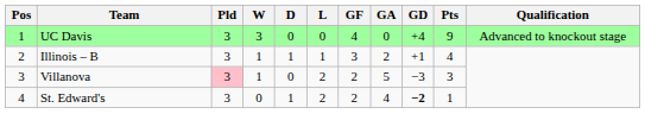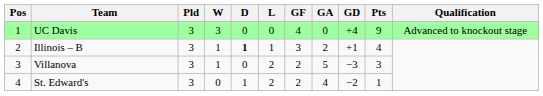 <table class="wikitable" style="text-align:center; margin: 1em auto">
 <tr>
 <th style="width:2em">Pos</th>
 <th style="width:13em">Team</th>
 <th style="width:2em">Pld</th>
 <th style="width:2em">W</th>
 <th style="width:2em">D</th>
 <th style="width:2em">L</th>
 <th style="width:2em">GF</th>
 <th style="width:2em">GA</th>
 <th style="width:2em">GD</th>
 <th style="width:2em">Pts</th>
 <th style="width:13em">Qualification</th>
 </tr>
 <tr bgcolor="#9eff9e">
 <td>1</td>
 <td style="text-align:left">UC Davis</td>
 <td>3</td>
 <td>3</td>
 <td>0</td>
 <td>0</td>
 <td>4</td>
 <td>0</td>
 <td>+4</td>
 <td>9</td>
 <td>Advanced to knockout stage</td>
 </tr>
 <tr>
 <td>2</td>
 <td style="text-align:left">Illinois – B</td>
 <td>3</td>
 <td>1</td>
-<td>1</td>
+<td><strong>1</strong></td>
 <td>1</td>
 <td>3</td>
 <td>2</td>
 <td>+1</td>
 <td>4</td>
 </tr>
 <tr>
 <td>3</td>
 <td style="text-align:left">Villanova</td>
-<td style="background: pink;">3</td>
+<td>3</td>
 <td>1</td>
 <td>0</td>
 <td>2</td>
 <td>2</td>
 <td>5</td>
 <td>−3</td>
 <td>3</td>
 </tr>
 <tr>
 <td>4</td>
 <td style="text-align:left">St. Edward's</td>
 <td>3</td>
 <td>0</td>
 <td>1</td>
 <td>2</td>
 <td>2</td>
 <td>4</td>
-<td><strong>−2</strong></td>
+<td>−2</td>
 <td>1</td>
 </tr>
 </table>
